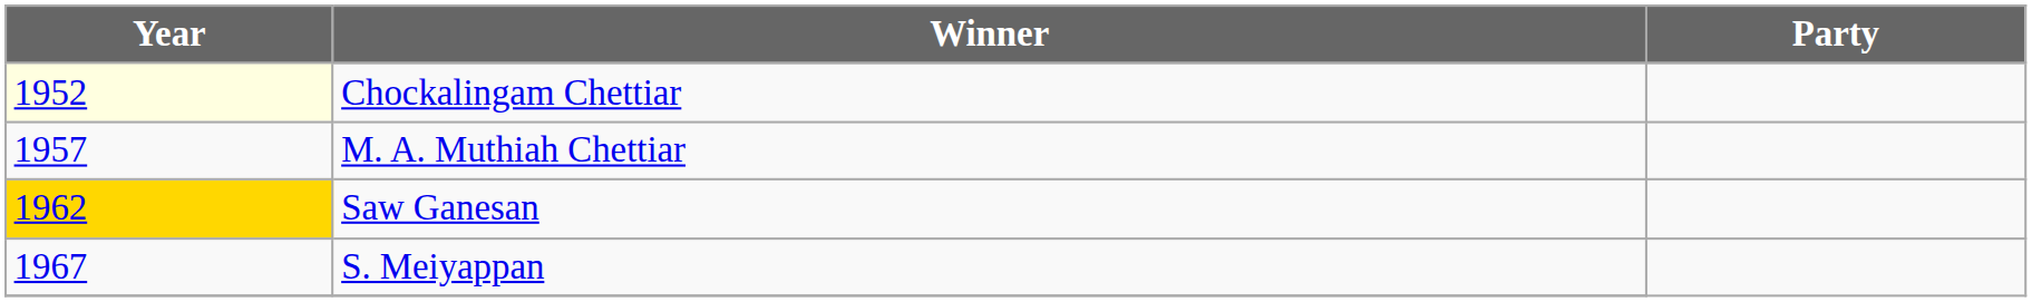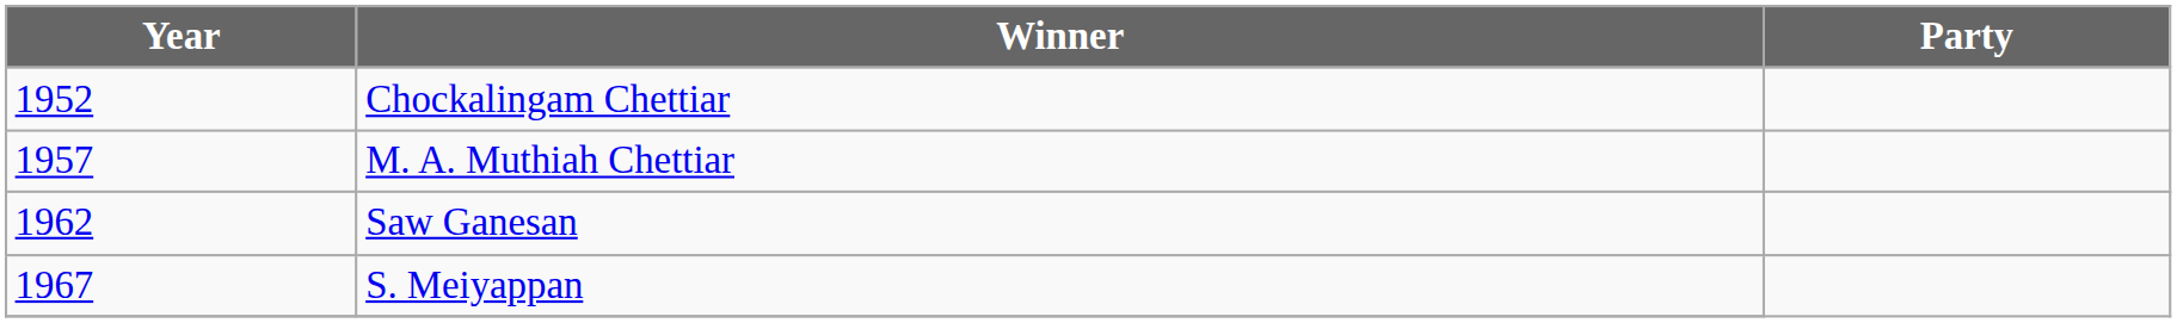 <table class="wikitable" width="70%">
 <tr>
 <th style="background-color:#666666; color:white">Year</th>
 <th style="background-color:#666666; color:white">Winner</th>
 <th style="background-color:#666666; color:white" colspan="2">Party</th>
 </tr>
 <tr>
-<td style="background: lightyellow;"><a href='#'>1952</a></td>
+<td><a href='#'>1952</a></td>
 <td><a href='#'>Chockalingam Chettiar</a></td>
 <td></td>
 </tr>
 <tr>
 <td><a href='#'>1957</a></td>
 <td><a href='#'>M. A. Muthiah Chettiar</a></td>
 </tr>
 <tr>
-<td style="background: gold;"><a href='#'>1962</a></td>
+<td><a href='#'>1962</a></td>
 <td><a href='#'>Saw Ganesan</a></td>
 <td></td>
 </tr>
 <tr>
 <td><a href='#'>1967</a></td>
 <td><a href='#'>S. Meiyappan</a></td>
 </tr>
 <tr>
 </tr>
 </table>
